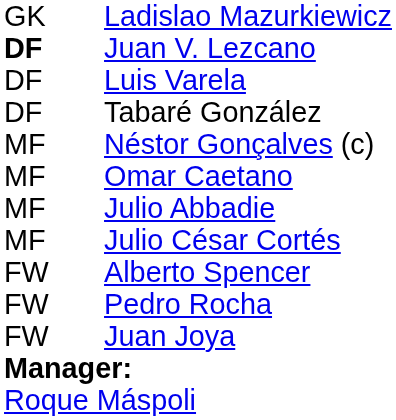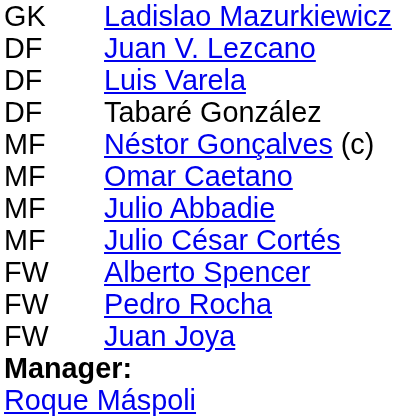 <table style="font-size:90%; margin:0.2em auto;" cellspacing="0" cellpadding="0">
 <tr>
 <th width="25"></th>
 <th width="25"></th>
 </tr>
 <tr>
 <td>GK</td>
 <td><strong> </strong></td>
 <td> <a href='#'>Ladislao Mazurkiewicz</a></td>
 </tr>
 <tr>
-<td><strong>DF</strong></td>
+<td>DF</td>
 <td><strong> </strong></td>
 <td> <a href='#'>Juan V. Lezcano</a></td>
 </tr>
 <tr>
 <td>DF</td>
 <td><strong> </strong></td>
 <td> <a href='#'>Luis Varela</a></td>
 </tr>
 <tr>
 <td>DF</td>
 <td><strong> </strong></td>
 <td> Tabaré González</td>
 </tr>
 <tr>
 <td>MF</td>
 <td><strong> </strong></td>
 <td> <a href='#'>Néstor Gonçalves</a> (c)</td>
 </tr>
 <tr>
 <td>MF</td>
 <td><strong> </strong></td>
 <td> <a href='#'>Omar Caetano</a></td>
 </tr>
 <tr>
 <td>MF</td>
 <td><strong> </strong></td>
 <td> <a href='#'>Julio Abbadie</a></td>
 </tr>
 <tr>
 <td>MF</td>
 <td><strong> </strong></td>
 <td> <a href='#'>Julio César Cortés</a></td>
 </tr>
 <tr>
 <td>FW</td>
 <td><strong> </strong></td>
 <td> <a href='#'>Alberto Spencer</a></td>
 </tr>
 <tr>
 <td>FW</td>
 <td><strong> </strong></td>
 <td> <a href='#'>Pedro Rocha</a></td>
 </tr>
 <tr>
 <td>FW</td>
 <td><strong> </strong></td>
 <td> <a href='#'>Juan Joya</a></td>
 </tr>
 <tr>
 <td colspan=3><strong>Manager:</strong></td>
 </tr>
 <tr>
 <td colspan=4> <a href='#'>Roque Máspoli</a></td>
 </tr>
 </table>
